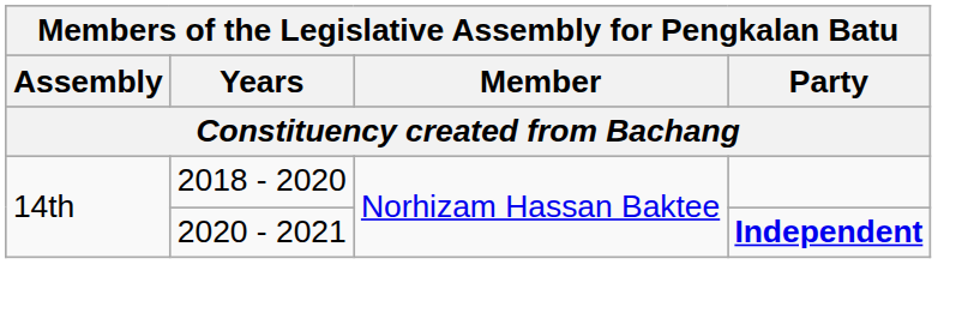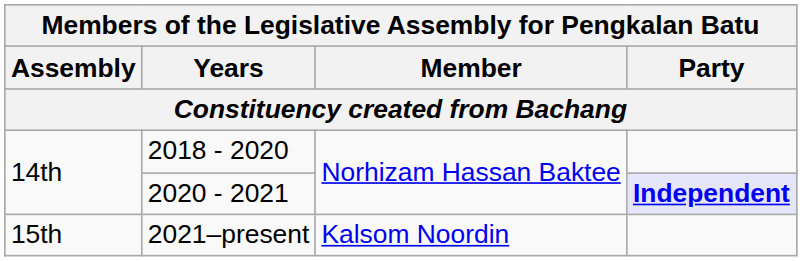 <table class=wikitable>
 <tr>
 <th colspan="4">Members of the Legislative Assembly for Pengkalan Batu</th>
 </tr>
 <tr>
 <th>Assembly</th>
 <th>Years</th>
 <th>Member</th>
 <th>Party</th>
 </tr>
 <tr>
 <th colspan="4"><em>Constituency created from Bachang</em></th>
 </tr>
 <tr>
 <td rowspan="2">14th</td>
 <td>2018 - 2020</td>
 <td rowspan="2"><a href='#'>Norhizam Hassan Baktee</a></td>
 <td></td>
 </tr>
 <tr>
 <td>2020 - 2021</td>
-<td><strong><a href='#'>Independent</a></strong></td>
+<td style="background: lavender;"><strong><a href='#'>Independent</a></strong></td>
+</tr>
+<tr>
+<td>15th</td>
+<td>2021–present</td>
+<td><a href='#'>Kalsom Noordin</a></td>
+<td></td>
 </tr>
 </table>
